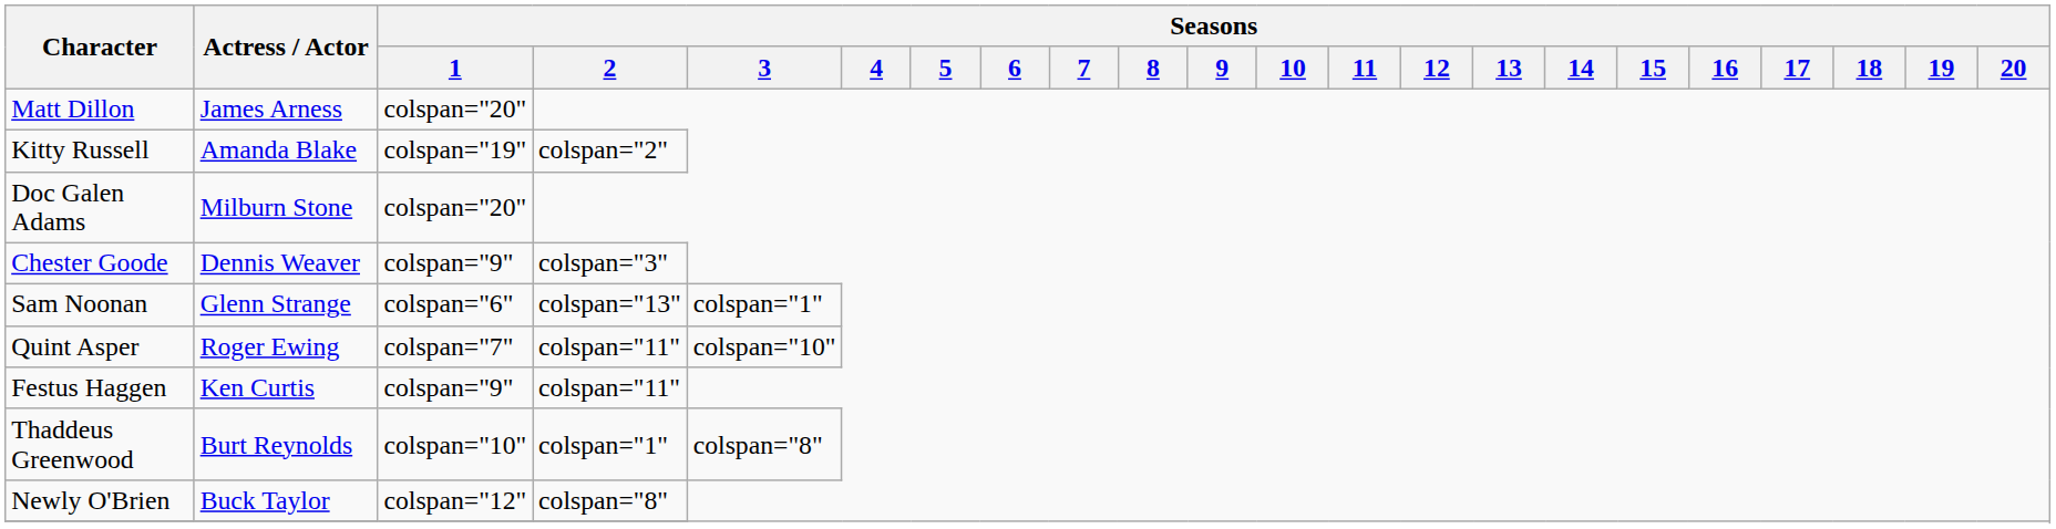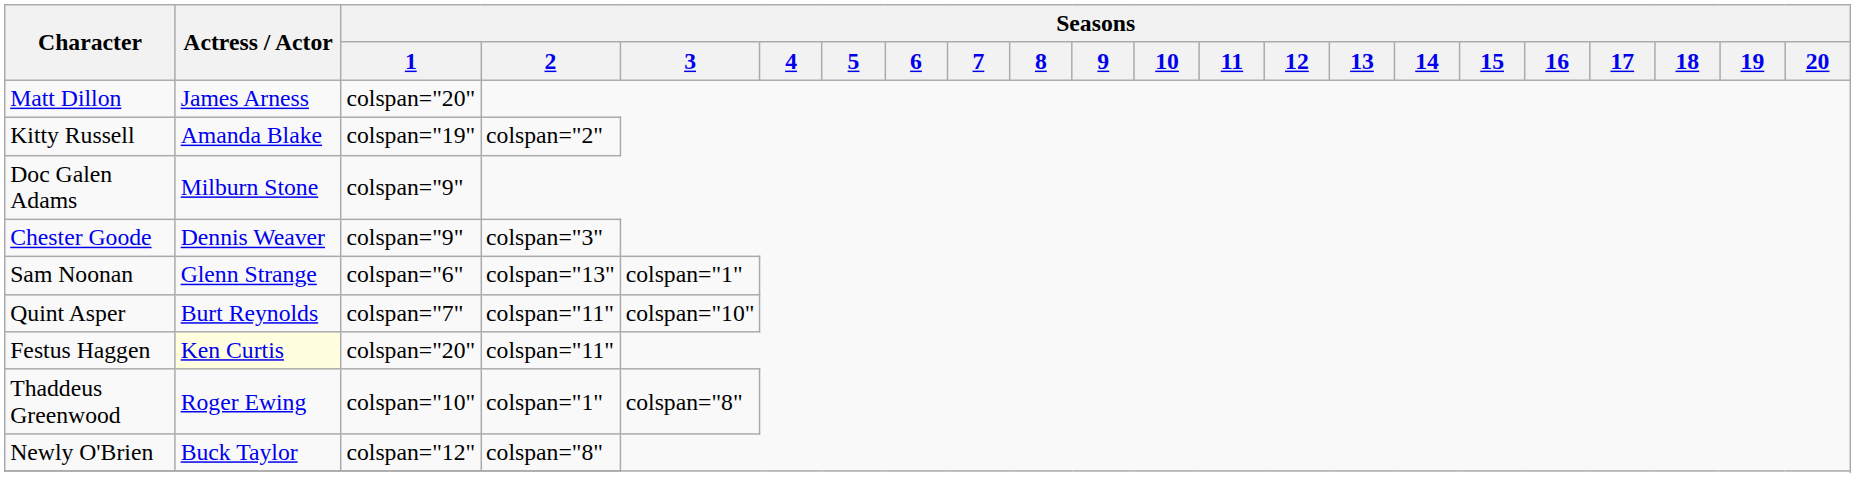 <table class="wikitable">
 <tr>
 <th ! style="width:10%;" rowspan="2">Character</th>
 <th ! style="width:10%;" rowspan="2">Actress / Actor</th>
 <th ! colspan="20">Seasons</th>
 </tr>
 <tr>
 <th ! style="  width:4%;"><a href='#'>1</a></th>
 <th ! style="  width:4%;"><a href='#'>2</a></th>
 <th ! style="  width:4%;"><a href='#'>3</a></th>
 <th ! style="  width:4%;"><a href='#'>4</a></th>
 <th ! style="  width:4%;"><a href='#'>5</a></th>
 <th ! style="  width:4%;"><a href='#'>6</a></th>
 <th ! style="  width:4%;"><a href='#'>7</a></th>
 <th ! style="  width:4%;"><a href='#'>8</a></th>
 <th ! style="  width:4%;"><a href='#'>9</a></th>
 <th ! style="  width:4%;"><a href='#'>10</a></th>
 <th ! style="  width:4%;"><a href='#'>11</a></th>
 <th ! style="  width:4%;"><a href='#'>12</a></th>
 <th ! style="  width:4%;"><a href='#'>13</a></th>
 <th ! style="  width:4%;"><a href='#'>14</a></th>
 <th ! style="  width:4%;"><a href='#'>15</a></th>
 <th ! style="  width:4%;"><a href='#'>16</a></th>
 <th ! style="  width:4%;"><a href='#'>17</a></th>
 <th ! style="  width:4%;"><a href='#'>18</a></th>
 <th ! style="  width:4%;"><a href='#'>19</a></th>
 <th ! style="  width:4%;"><a href='#'>20</a></th>
 </tr>
 <tr>
 <td><a href='#'>Matt Dillon</a></td>
 <td><a href='#'>James Arness</a></td>
 <td>colspan="20" </td>
 </tr>
 <tr>
 <td>Kitty Russell</td>
 <td><a href='#'>Amanda Blake</a></td>
 <td>colspan="19" </td>
 <td>colspan="2" </td>
 </tr>
 <tr>
 <td>Doc Galen Adams</td>
 <td><a href='#'>Milburn Stone</a></td>
-<td>colspan="20" </td>
+<td>colspan="9" </td>
 </tr>
 <tr>
 <td><a href='#'>Chester Goode</a></td>
 <td><a href='#'>Dennis Weaver</a></td>
 <td>colspan="9" </td>
 <td>colspan="3" </td>
 </tr>
 <tr>
 <td>Sam Noonan</td>
 <td><a href='#'>Glenn Strange</a></td>
 <td>colspan="6" </td>
 <td>colspan="13" </td>
 <td>colspan="1" </td>
 </tr>
 <tr>
 <td>Quint Asper</td>
-<td><a href='#'>Roger Ewing</a></td>
+<td><a href='#'>Burt Reynolds</a></td>
 <td>colspan="7" </td>
 <td>colspan="11" </td>
 <td>colspan="10" </td>
 </tr>
 <tr>
 <td>Festus Haggen</td>
-<td><a href='#'>Ken Curtis</a></td>
-<td>colspan="9" </td>
+<td style="background: lightyellow;"><a href='#'>Ken Curtis</a></td>
+<td>colspan="20" </td>
 <td>colspan="11" </td>
 </tr>
 <tr>
 <td>Thaddeus Greenwood</td>
-<td><a href='#'>Burt Reynolds</a></td>
+<td><a href='#'>Roger Ewing</a></td>
 <td>colspan="10" </td>
 <td>colspan="1" </td>
 <td>colspan="8" </td>
 </tr>
 <tr>
 <td>Newly O'Brien</td>
 <td><a href='#'>Buck Taylor</a></td>
 <td>colspan="12" </td>
 <td>colspan="8" </td>
 </tr>
 <tr>
 </tr>
 </table>
